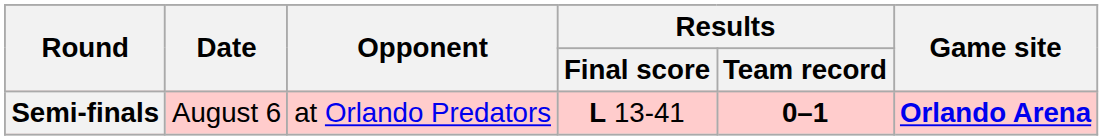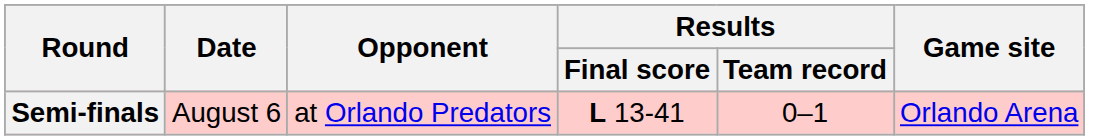 <table class="wikitable" style="font-size: 92%;" "align=center">
 <tr>
 <th rowspan="2">Round</th>
 <th rowspan="2">Date</th>
 <th rowspan="2">Opponent</th>
 <th colspan="2">Results</th>
 <th rowspan="2">Game site</th>
 </tr>
 <tr>
 <th>Final score</th>
 <th>Team record</th>
 </tr>
 <tr style="background:#fcc">
 <th>Semi-finals</th>
 <td style="text-align:center;">August 6</td>
 <td style="text-align:center;">at <a href='#'>Orlando Predators</a></td>
 <td style="text-align:center;"><strong>L</strong> 13-41</td>
-<td style="text-align:center;"><strong>0–1</strong></td>
-<td style="text-align:center;"><strong><a href='#'>Orlando Arena</a></strong></td>
+<td style="text-align:center;">0–1</td>
+<td style="text-align:center;"><a href='#'>Orlando Arena</a></td>
 </tr>
 </table>
